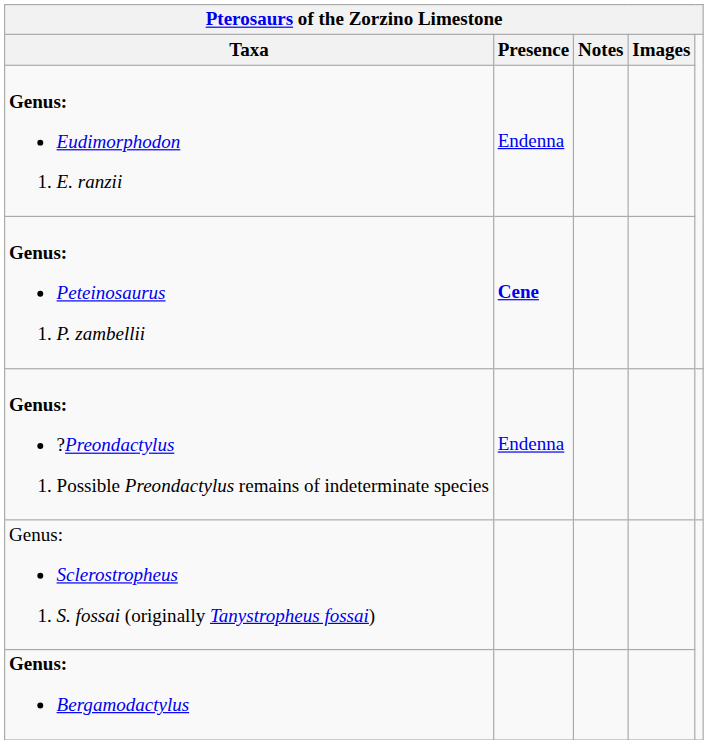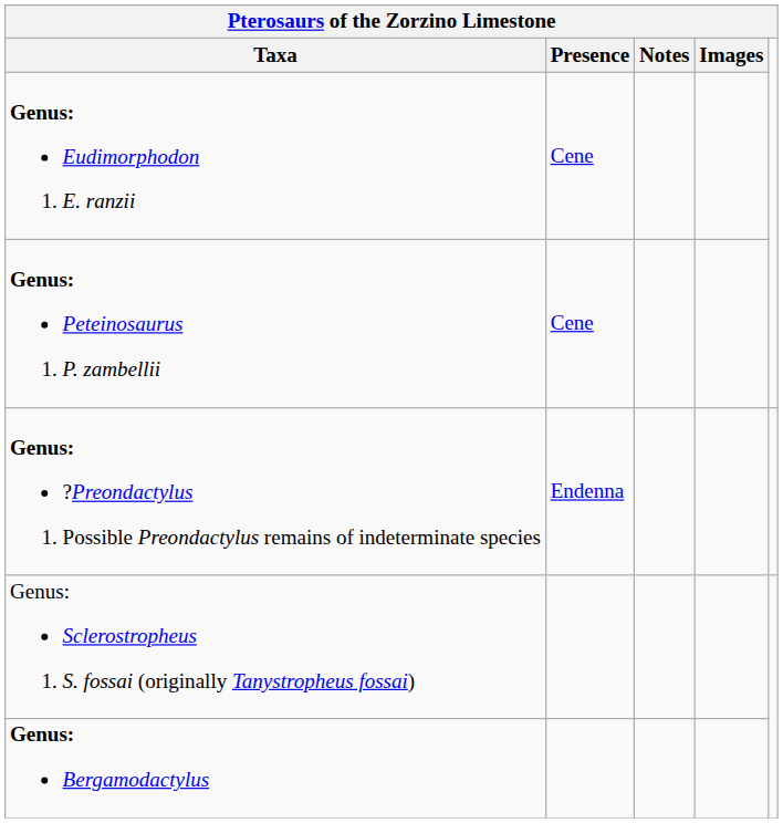 <table class="wikitable" align="center">
 <tr>
 <th colspan="5" align="center"><strong><a href='#'>Pterosaurs</a> of the Zorzino Limestone</strong></th>
 </tr>
 <tr>
 <th>Taxa</th>
 <th>Presence</th>
 <th>Notes</th>
 <th>Images</th>
 </tr>
 <tr>
 <td><br><strong>Genus:</strong><ul><li><em><a href='#'>Eudimorphodon</a></em></li></ul><ol><li><em>E. ranzii</em></li></ol></td>
-<td><a href='#'>Endenna</a></td>
+<td><a href='#'>Cene</a></td>
 <td></td>
 <td></td>
 </tr>
 <tr>
 <td><br><strong>Genus:</strong><ul><li><em><a href='#'>Peteinosaurus</a></em></li></ul><ol><li><em>P. zambellii</em></li></ol></td>
-<td><strong><a href='#'>Cene</a></strong></td>
+<td><a href='#'>Cene</a></td>
 <td></td>
 <td></td>
 </tr>
 <tr>
 <td><br><strong>Genus:</strong><ul><li>?<em><a href='#'>Preondactylus</a></em></li></ul><ol><li>Possible <em>Preondactylus</em> remains of indeterminate species</li></ol></td>
 <td><a href='#'>Endenna</a></td>
 <td></td>
 <td></td>
 <td></td>
 </tr>
 <tr>
 <td>Genus:<br><ul><li><em><a href='#'>Sclerostropheus</a></em></li></ul><ol><li><em>S. fossai</em> (originally <em><a href='#'>Tanystropheus fossai</a></em>)</li></ol></td>
 <td></td>
 <td></td>
 <td></td>
 </tr>
 <tr>
 <td><strong>Genus:</strong><br><ul><li><em><a href='#'>Bergamodactylus</a></em></li></ul></td>
 <td></td>
 <td></td>
 <td></td>
 </tr>
 </table>
